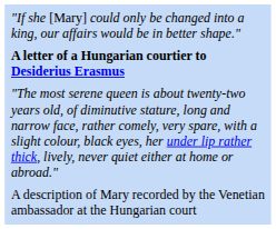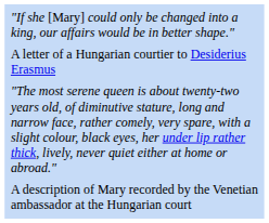 <table class="toccolours" style="float: right; margin-left: 0em; margin-right: 1em; font-size: 85%; background:#c6dbf7; color:black; width:20em; max-width:40%" cellspacing="5">
 <tr>
 <td align="left"><em>"If she </em>[Mary]<em> could only be changed into a king, our affairs would be in better shape."</em></td>
 </tr>
 <tr>
-<td align="left"><strong>A letter of a Hungarian courtier to <a href='#'>Desiderius Erasmus</a></strong></td>
+<td align="left">A letter of a Hungarian courtier to <a href='#'>Desiderius Erasmus</a></td>
 </tr>
 <tr>
 <td align="left"><em>"The most serene queen is about twenty-two years old, of diminutive stature, long and narrow face, rather comely, very spare, with a slight colour, black eyes, her <a href='#'>under lip rather thick</a>, lively, never quiet either at home or abroad."</em></td>
 </tr>
 <tr>
 <td align="left">A description of Mary recorded by the Venetian ambassador at the Hungarian court</td>
 </tr>
 </table>
